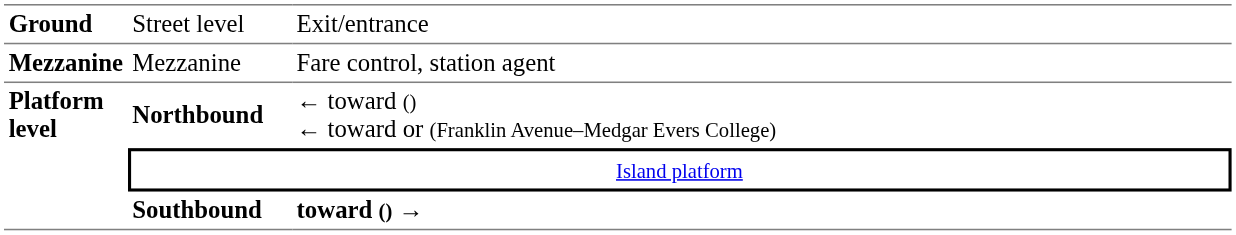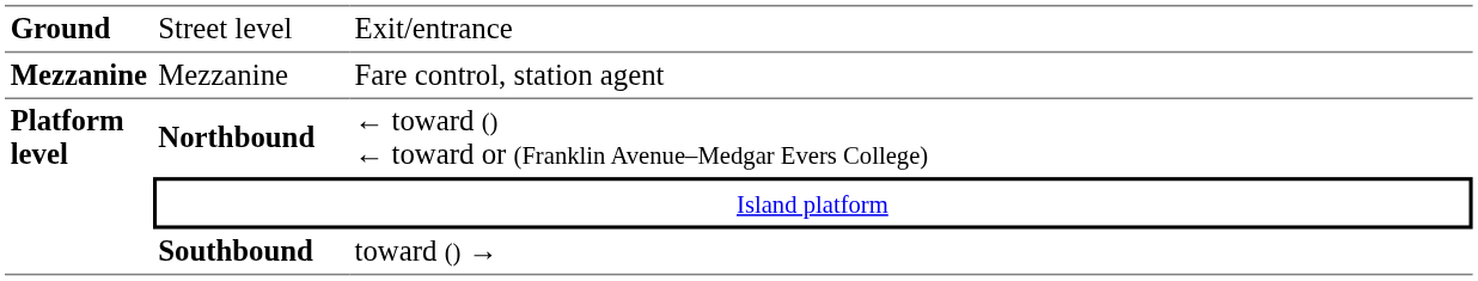 <table table border=0 cellspacing=0 cellpadding=3>
 <tr>
 <td style="border-top:solid 1px gray;" width=50><strong>Ground</strong></td>
 <td style="border-top:solid 1px gray;" width=100>Street level</td>
 <td style="border-top:solid 1px gray;" width=600>Exit/entrance</td>
 </tr>
 <tr>
 <td style="border-top:solid 1px gray;"><strong>Mezzanine</strong></td>
 <td style="border-top:solid 1px gray;">Mezzanine</td>
 <td style="border-top:solid 1px gray;">Fare control, station agent</td>
 </tr>
 <tr>
 <td style="border-top:solid 1px gray;border-bottom:solid 1px gray;" rowspan=4 valign=top><strong>Platform level</strong></td>
 <td style="border-top:solid 1px gray;"><strong>Northbound</strong></td>
 <td style="border-top:solid 1px gray;">←  toward  <small>()</small><br>←  toward  or  <small>(Franklin Avenue–Medgar Evers College)</small></td>
 </tr>
 <tr>
 <td style="border-top:solid 2px black;border-right:solid 2px black;border-left:solid 2px black;border-bottom:solid 2px black;text-align:center;" colspan=2><small><a href='#'>Island platform</a></small></td>
 </tr>
 <tr>
 <td style="border-bottom:solid 1px gray;"><strong>Southbound</strong></td>
-<td style="border-bottom:solid 1px gray;"><strong>  toward  <small>()</small> →</strong></td>
+<td style="border-bottom:solid 1px gray;">  toward  <small>()</small> →</td>
 </tr>
 </table>
